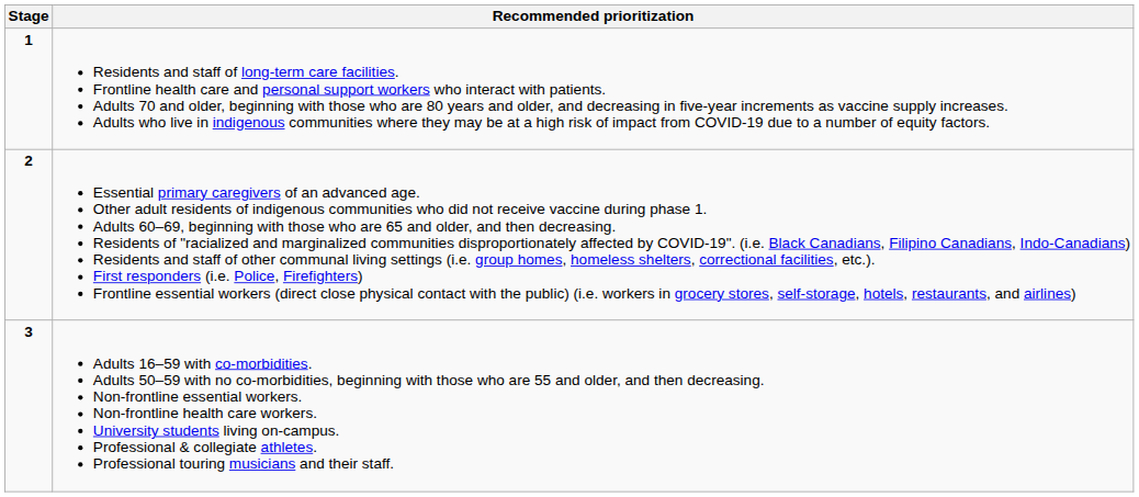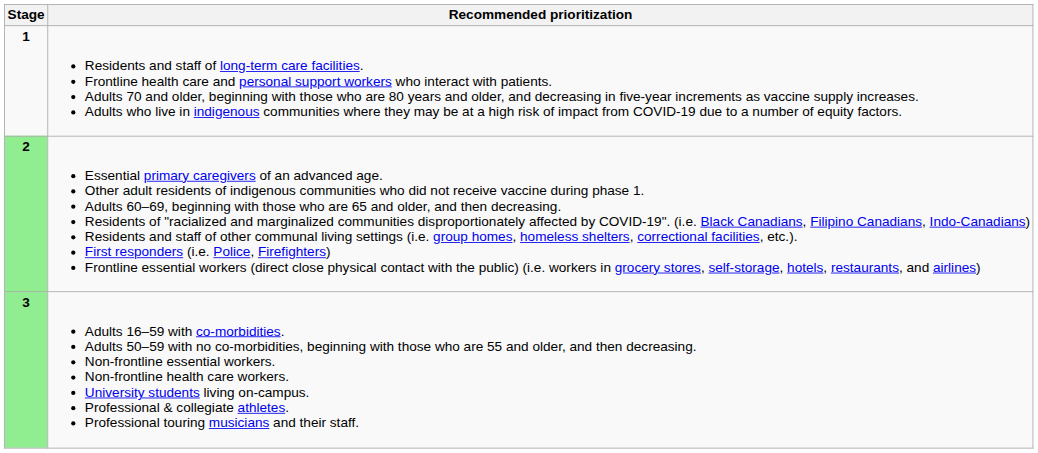 <table class="wikitable">
 <tr>
 <th>Stage</th>
 <th>Recommended prioritization</th>
 </tr>
 <tr>
 <td valign="top" align="center"><strong>1</strong></td>
 <td><br><ul><li>Residents and staff of <a href='#'>long-term care facilities</a>.</li><li>Frontline health care and <a href='#'>personal support workers</a> who interact with patients.</li><li>Adults 70 and older, beginning with those who are 80 years and older, and decreasing in five-year increments as vaccine supply increases.</li><li>Adults who live in <a href='#'>indigenous</a> communities where they may be at a high risk of impact from COVID-19 due to a number of equity factors.</li></ul></td>
 </tr>
 <tr>
-<td valign="top" align="center"><strong>2</strong></td>
+<td valign="top" align="center" style="background: lightgreen;"><strong>2</strong></td>
 <td><br><ul><li>Essential <a href='#'>primary caregivers</a> of an advanced age.</li><li>Other adult residents of indigenous communities who did not receive vaccine during phase 1.</li><li>Adults 60–69, beginning with those who are 65 and older, and then decreasing.</li><li>Residents of "racialized and marginalized communities disproportionately affected by COVID-19". (i.e. <a href='#'>Black Canadians</a>, <a href='#'>Filipino Canadians</a>, <a href='#'>Indo-Canadians</a>)</li><li>Residents and staff of other communal living settings (i.e. <a href='#'>group homes</a>, <a href='#'>homeless shelters</a>, <a href='#'>correctional facilities</a>, etc.).</li><li><a href='#'>First responders</a> (i.e. <a href='#'>Police</a>, <a href='#'>Firefighters</a>)</li><li>Frontline essential workers (direct close physical contact with the public) (i.e. workers in <a href='#'>grocery stores</a>, <a href='#'>self-storage</a>, <a href='#'>hotels</a>, <a href='#'>restaurants</a>, and <a href='#'>airlines</a>)</li></ul></td>
 </tr>
 <tr>
-<td valign="top" align="center"><strong>3</strong></td>
+<td valign="top" align="center" style="background: lightgreen;"><strong>3</strong></td>
 <td><br><ul><li>Adults 16–59 with <a href='#'>co-morbidities</a>.</li><li>Adults 50–59 with no co-morbidities, beginning with those who are 55 and older, and then decreasing.</li><li>Non-frontline essential workers.</li><li>Non-frontline health care workers.</li><li><a href='#'>University students</a> living on-campus.</li><li>Professional & collegiate <a href='#'>athletes</a>.</li><li>Professional touring <a href='#'>musicians</a> and their staff.</li></ul></td>
 </tr>
 </table>
